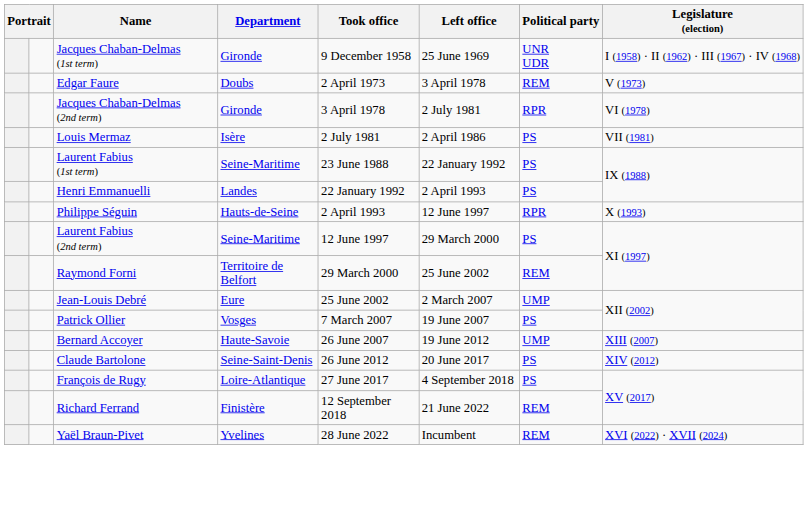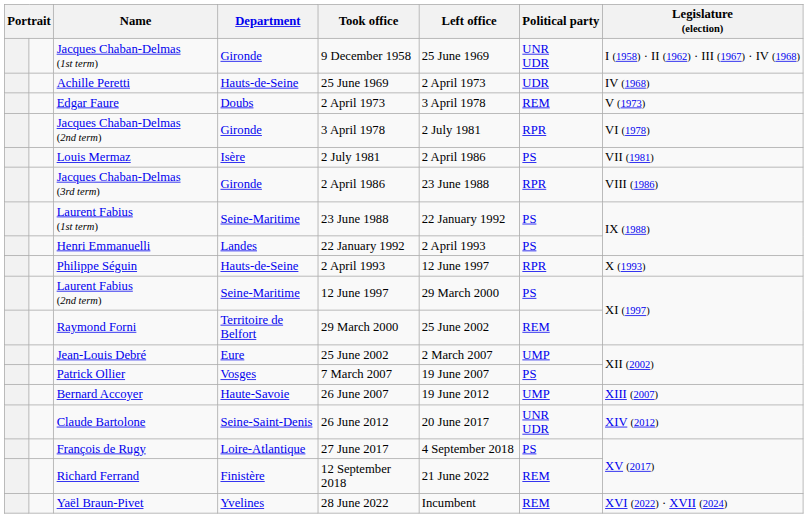 <table class="wikitable">
 <tr>
 <th colspan=2>Portrait</th>
 <th width=200>Name</th>
 <th width=120><a href='#'>Department</a></th>
 <th width=120>Took office</th>
 <th width=120>Left office</th>
 <th>Political party</th>
 <th>Legislature<br><small>(election)</small></th>
 </tr>
 <tr>
 <th style="background:"></th>
 <td></td>
 <td><a href='#'>Jacques Chaban-Delmas</a><br><small>(<em>1st term</em>)</small></td>
 <td><a href='#'>Gironde</a></td>
 <td>9 December 1958</td>
 <td>25 June 1969</td>
 <td><a href='#'>UNR</a><br><a href='#'>UDR</a></td>
 <td>I <small>(<a href='#'>1958</a>)</small> · II <small>(<a href='#'>1962</a>)</small> · III <small>(<a href='#'>1967</a>)</small> · IV <small>(<a href='#'>1968</a>)</small></td>
+</tr>
+<tr>
+<th style="background:"></th>
+<td></td>
+<td><a href='#'>Achille Peretti</a></td>
+<td><a href='#'>Hauts-de-Seine</a></td>
+<td>25 June 1969</td>
+<td>2 April 1973</td>
+<td><a href='#'>UDR</a></td>
+<td>IV <small>(<a href='#'>1968</a>)</small></td>
 </tr>
 <tr>
 <th style="background:"></th>
 <td></td>
 <td><a href='#'>Edgar Faure</a></td>
 <td><a href='#'>Doubs</a></td>
 <td>2 April 1973</td>
 <td>3 April 1978</td>
 <td><a href='#'>REM</a></td>
 <td>V <small>(<a href='#'>1973</a>)</small></td>
 </tr>
 <tr>
 <th style="background:"></th>
 <td></td>
 <td><a href='#'>Jacques Chaban-Delmas</a><br><small>(<em>2nd term</em>)</small></td>
 <td><a href='#'>Gironde</a></td>
 <td>3 April 1978</td>
 <td>2 July 1981</td>
 <td><a href='#'>RPR</a></td>
 <td>VI <small>(<a href='#'>1978</a>)</small></td>
 </tr>
 <tr>
 <th style="background:"></th>
 <td></td>
 <td><a href='#'>Louis Mermaz</a></td>
 <td><a href='#'>Isère</a></td>
 <td>2 July 1981</td>
 <td>2 April 1986</td>
 <td><a href='#'>PS</a></td>
 <td>VII <small>(<a href='#'>1981</a>)</small></td>
+</tr>
+<tr>
+<th style="background:"></th>
+<td></td>
+<td><a href='#'>Jacques Chaban-Delmas</a><br><small>(<em>3rd term</em>)</small></td>
+<td><a href='#'>Gironde</a></td>
+<td>2 April 1986</td>
+<td>23 June 1988</td>
+<td><a href='#'>RPR</a></td>
+<td>VIII <small>(<a href='#'>1986</a>)</small></td>
 </tr>
 <tr>
 <th style="background:"></th>
 <td></td>
 <td><a href='#'>Laurent Fabius</a><br><small>(<em>1st term</em>)</small></td>
 <td><a href='#'>Seine-Maritime</a></td>
 <td>23 June 1988</td>
 <td>22 January 1992</td>
 <td><a href='#'>PS</a></td>
 <td rowspan=2>IX <small>(<a href='#'>1988</a>)</small></td>
 </tr>
 <tr>
 <th style="background:"></th>
 <td></td>
 <td><a href='#'>Henri Emmanuelli</a></td>
 <td><a href='#'>Landes</a></td>
 <td>22 January 1992</td>
 <td>2 April 1993</td>
 <td><a href='#'>PS</a></td>
 </tr>
 <tr>
 <th style="background:"></th>
 <td></td>
 <td><a href='#'>Philippe Séguin</a></td>
 <td><a href='#'>Hauts-de-Seine</a></td>
 <td>2 April 1993</td>
 <td>12 June 1997</td>
 <td><a href='#'>RPR</a></td>
 <td>X <small>(<a href='#'>1993</a>)</small></td>
 </tr>
 <tr>
 <th style="background:"></th>
 <td></td>
 <td><a href='#'>Laurent Fabius</a><br><small>(<em>2nd term</em>)</small></td>
 <td><a href='#'>Seine-Maritime</a></td>
 <td>12 June 1997</td>
 <td>29 March 2000</td>
 <td><a href='#'>PS</a></td>
 <td rowspan=2>XI <small>(<a href='#'>1997</a>)</small></td>
 </tr>
 <tr>
 <th style="background:"></th>
 <td></td>
 <td><a href='#'>Raymond Forni</a></td>
 <td><a href='#'>Territoire de Belfort</a></td>
 <td>29 March 2000</td>
 <td>25 June 2002</td>
 <td><a href='#'>REM</a></td>
 </tr>
 <tr>
 <th style="background:"></th>
 <td></td>
 <td><a href='#'>Jean-Louis Debré</a></td>
 <td><a href='#'>Eure</a></td>
 <td>25 June 2002</td>
 <td>2 March 2007</td>
 <td><a href='#'>UMP</a></td>
 <td rowspan=2>XII <small>(<a href='#'>2002</a>)</small></td>
 </tr>
 <tr>
 <th style="background:"></th>
 <td></td>
 <td><a href='#'>Patrick Ollier</a></td>
 <td><a href='#'>Vosges</a></td>
 <td>7 March 2007</td>
 <td>19 June 2007</td>
 <td><a href='#'>PS</a></td>
 </tr>
 <tr>
 <th style="background:"></th>
 <td></td>
 <td><a href='#'>Bernard Accoyer</a></td>
 <td><a href='#'>Haute-Savoie</a></td>
 <td>26 June 2007</td>
 <td>19 June 2012</td>
 <td><a href='#'>UMP</a></td>
 <td><a href='#'>XIII</a> <small>(<a href='#'>2007</a>)</small></td>
 </tr>
 <tr>
 <th style="background:"></th>
 <td></td>
 <td><a href='#'>Claude Bartolone</a></td>
 <td><a href='#'>Seine-Saint-Denis</a></td>
 <td>26 June 2012</td>
 <td>20 June 2017</td>
-<td><a href='#'>PS</a></td>
+<td><a href='#'>UNR</a><br><a href='#'>UDR</a></td>
 <td><a href='#'>XIV</a> <small>(<a href='#'>2012</a>)</small></td>
 </tr>
 <tr>
 <th style="background:"></th>
 <td></td>
 <td><a href='#'>François de Rugy</a></td>
 <td><a href='#'>Loire-Atlantique</a></td>
 <td>27 June 2017</td>
 <td>4 September 2018</td>
 <td><a href='#'>PS</a></td>
 <td rowspan=2><a href='#'>XV</a> <small>(<a href='#'>2017</a>)</small></td>
 </tr>
 <tr>
 <th style="background:"></th>
 <td></td>
 <td><a href='#'>Richard Ferrand</a></td>
 <td><a href='#'>Finistère</a></td>
 <td>12 September 2018</td>
 <td>21 June 2022</td>
 <td><a href='#'>REM</a></td>
 </tr>
 <tr>
 <th style="background:"></th>
 <td></td>
 <td><a href='#'>Yaël Braun-Pivet</a></td>
 <td><a href='#'>Yvelines</a></td>
 <td>28 June 2022</td>
 <td>Incumbent</td>
 <td><a href='#'>REM</a></td>
 <td><a href='#'>XVI</a> <small>(<a href='#'>2022</a>)</small> · <a href='#'>XVII</a> <small>(<a href='#'>2024</a>)</small></td>
 </tr>
 </table>
